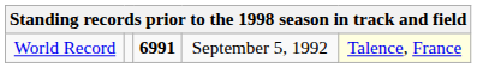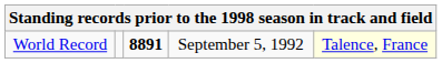 <table class="wikitable" style=" text-align:center;">
 <tr>
 <th colspan="5">Standing records prior to the 1998 season in track and field</th>
 </tr>
 <tr>
 <td><a href='#'>World Record</a></td>
 <td></td>
-<td><strong>6991</strong></td>
+<td><strong>8891</strong></td>
 <td>September 5, 1992</td>
 <td style="background: lightyellow;"> <a href='#'>Talence</a>, <a href='#'>France</a></td>
 </tr>
 </table>
